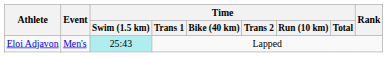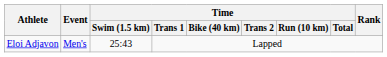 <table class=wikitable style="font-size:90%;text-align:center">
 <tr>
 <th rowspan=2>Athlete</th>
 <th rowspan=2>Event</th>
 <th colspan=6>Time</th>
 <th rowspan=2>Rank</th>
 </tr>
 <tr style="font-size:95%">
 <th>Swim (1.5 km)</th>
 <th>Trans 1</th>
 <th>Bike (40 km)</th>
 <th>Trans 2</th>
 <th>Run (10 km)</th>
 <th>Total</th>
 </tr>
 <tr>
 <td align=left><a href='#'>Eloi Adjavon</a></td>
 <td align=left><a href='#'>Men's</a></td>
-<td style="background: paleturquoise;">25:43</td>
+<td>25:43</td>
 <td colspan=7>Lapped</td>
 </tr>
 </table>
